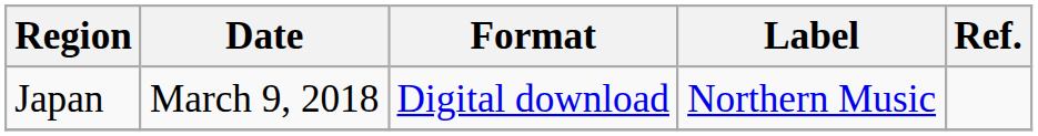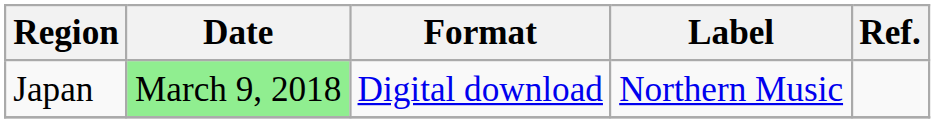 <table class="wikitable sortable plainrowheaders">
 <tr>
 <th scope="col">Region</th>
 <th scope="col">Date</th>
 <th scope="col">Format</th>
 <th scope="col">Label</th>
 <th scope="col">Ref.</th>
 </tr>
 <tr>
 <td>Japan</td>
-<td>March 9, 2018</td>
+<td style="background: lightgreen;">March 9, 2018</td>
 <td><a href='#'>Digital download</a></td>
 <td><a href='#'>Northern Music</a></td>
 <td></td>
 </tr>
 <tr>
 </tr>
 </table>
